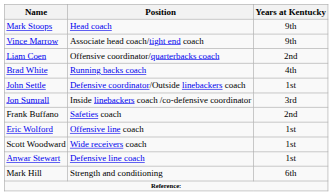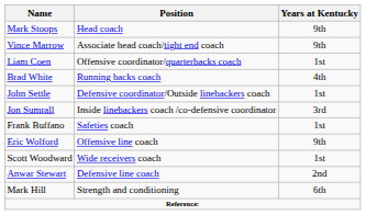 <table class="wikitable" style="font-size:90%;">
 <tr>
 <th><strong>Name</strong></th>
 <th><strong>Position</strong></th>
 <th><strong>Years at Kentucky</strong></th>
 </tr>
 <tr>
 <td><a href='#'>Mark Stoops</a></td>
 <td><a href='#'>Head coach</a></td>
 <td align=center>9th</td>
 </tr>
 <tr>
 <td><a href='#'>Vince Marrow</a></td>
 <td>Associate head coach/<a href='#'>tight end</a> coach</td>
 <td align=center>9th</td>
 </tr>
 <tr>
 <td><a href='#'>Liam Coen</a></td>
 <td>Offensive coordinator/<a href='#'>quarterbacks coach</a></td>
-<td align=center>2nd</td>
+<td align=center>1st</td>
 </tr>
 <tr>
 <td><a href='#'>Brad White</a></td>
 <td><a href='#'>Running backs coach</a></td>
 <td align=center>4th</td>
 </tr>
 <tr>
 <td><a href='#'>John Settle</a></td>
 <td><a href='#'>Defensive coordinator</a>/Outside <a href='#'>linebackers</a> coach</td>
 <td align=center>1st</td>
 </tr>
 <tr>
 <td><a href='#'>Jon Sumrall</a></td>
 <td>Inside <a href='#'>linebackers</a> coach /co-defensive coordinator</td>
 <td align=center>3rd</td>
 </tr>
 <tr>
 <td>Frank Buffano</td>
 <td><a href='#'>Safeties</a> coach</td>
-<td align=center>2nd</td>
+<td align=center>1st</td>
 </tr>
 <tr>
 <td><a href='#'>Eric Wolford</a></td>
 <td><a href='#'>Offensive line</a> coach</td>
-<td align=center>1st</td>
+<td align=center>9th</td>
 </tr>
 <tr>
 <td>Scott Woodward</td>
 <td><a href='#'>Wide receivers</a> coach</td>
 <td align=center>1st</td>
 </tr>
 <tr>
 <td><a href='#'>Anwar Stewart</a></td>
 <td><a href='#'>Defensive line coach</a></td>
-<td align=center>1st</td>
+<td align=center>2nd</td>
 </tr>
 <tr>
 <td>Mark Hill</td>
 <td>Strength and conditioning</td>
 <td align=center>6th</td>
 </tr>
 <tr>
 <td colspan="4"  style="font-size:8pt; text-align:center;"><strong>Reference:</strong></td>
 </tr>
 </table>
